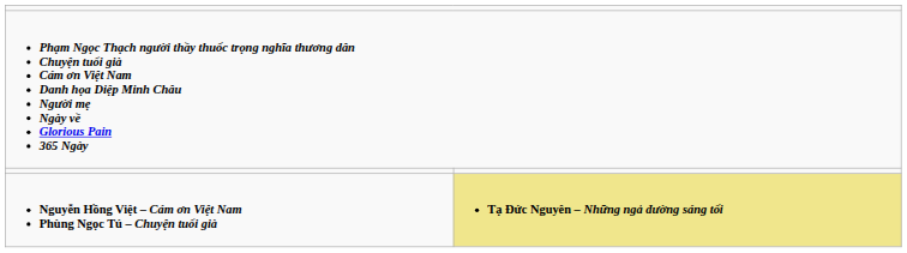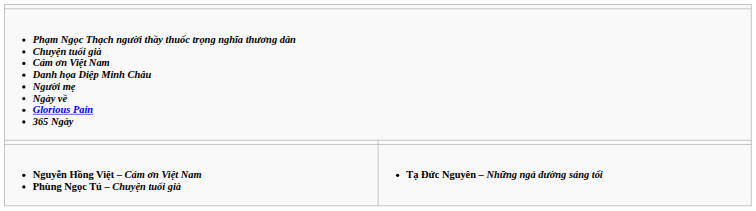 <table class="wikitable" align="center" style="width:91%">
 <tr>
 <td colspan="2" style="vertical-align:top; width:100%;"></td>
 </tr>
 <tr>
 <td colspan="2" valign="top"><br><ul><li><strong><em><span>Phạm Ngọc Thạch người thầy thuốc trọng nghĩa thương dân</span></em></strong></li><li><strong><em><span>Chuyện tuổi già</span></em></strong></li><li><strong><em><span>Cám ơn Việt Nam</span></em></strong></li><li><strong><em><span>Danh họa Diệp Minh Châu</span></em></strong></li><li><strong><em><span>Người mẹ</span></em></strong></li><li><strong><em><span>Ngày về</span></em></strong></li><li><strong><em><span><a href='#'>Glorious Pain</a></span></em></strong></li><li><strong><em><span>365 Ngày</span></em></strong></li></ul></td>
 </tr>
 <tr>
 <td style="vertical-align:top; width:50%;"></td>
 <td style="vertical-align:top; width:50%;"></td>
 </tr>
 <tr>
 <td valign="top"><br><ul><li><strong>Nguyễn Hồng Việt – <em>Cám ơn Việt Nam</em> </strong></li><li><strong>Phùng Ngọc Tú – <em>Chuyện tuổi già</em> </strong></li></ul></td>
-<td valign="top" style="background: khaki;"><br><ul><li><strong>Tạ Đức Nguyên – <em>Những ngả đường sáng tối</em> </strong></li></ul></td>
+<td valign="top"><br><ul><li><strong>Tạ Đức Nguyên – <em>Những ngả đường sáng tối</em> </strong></li></ul></td>
 </tr>
 </table>
